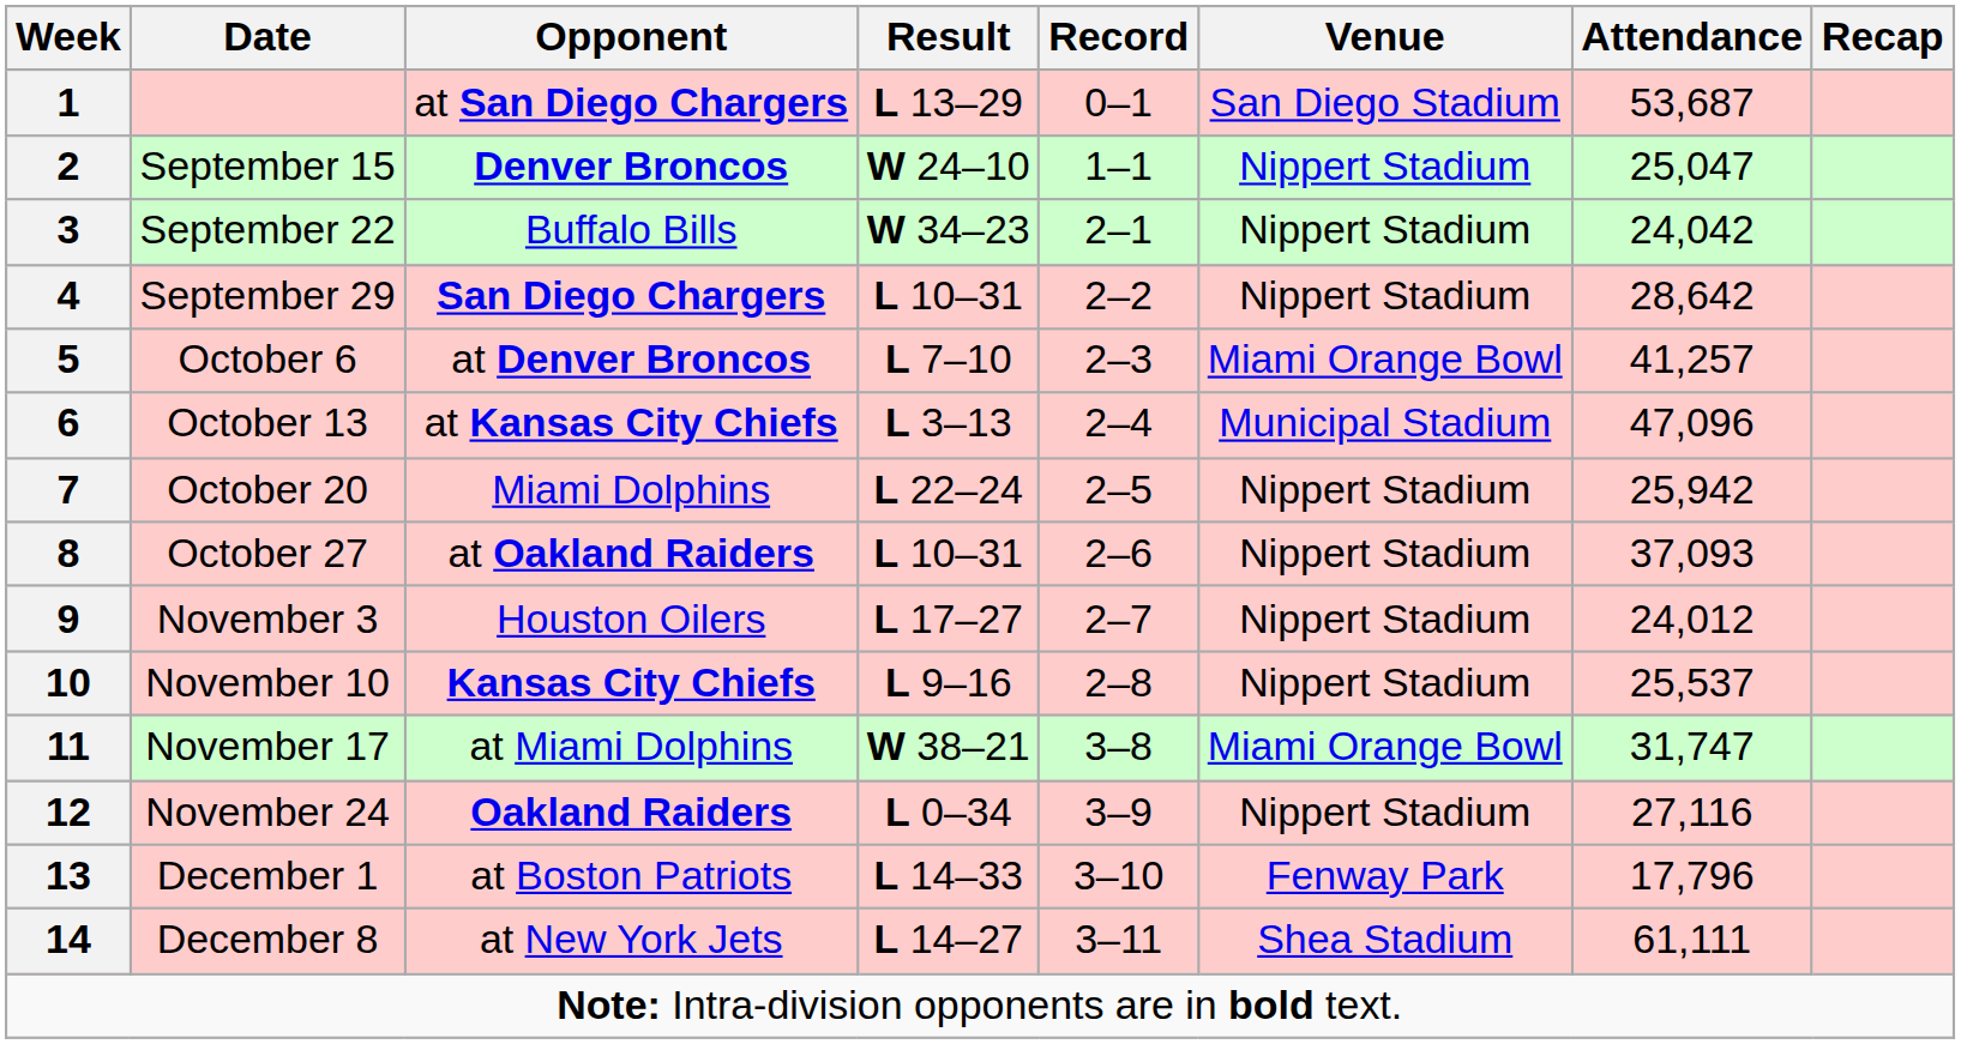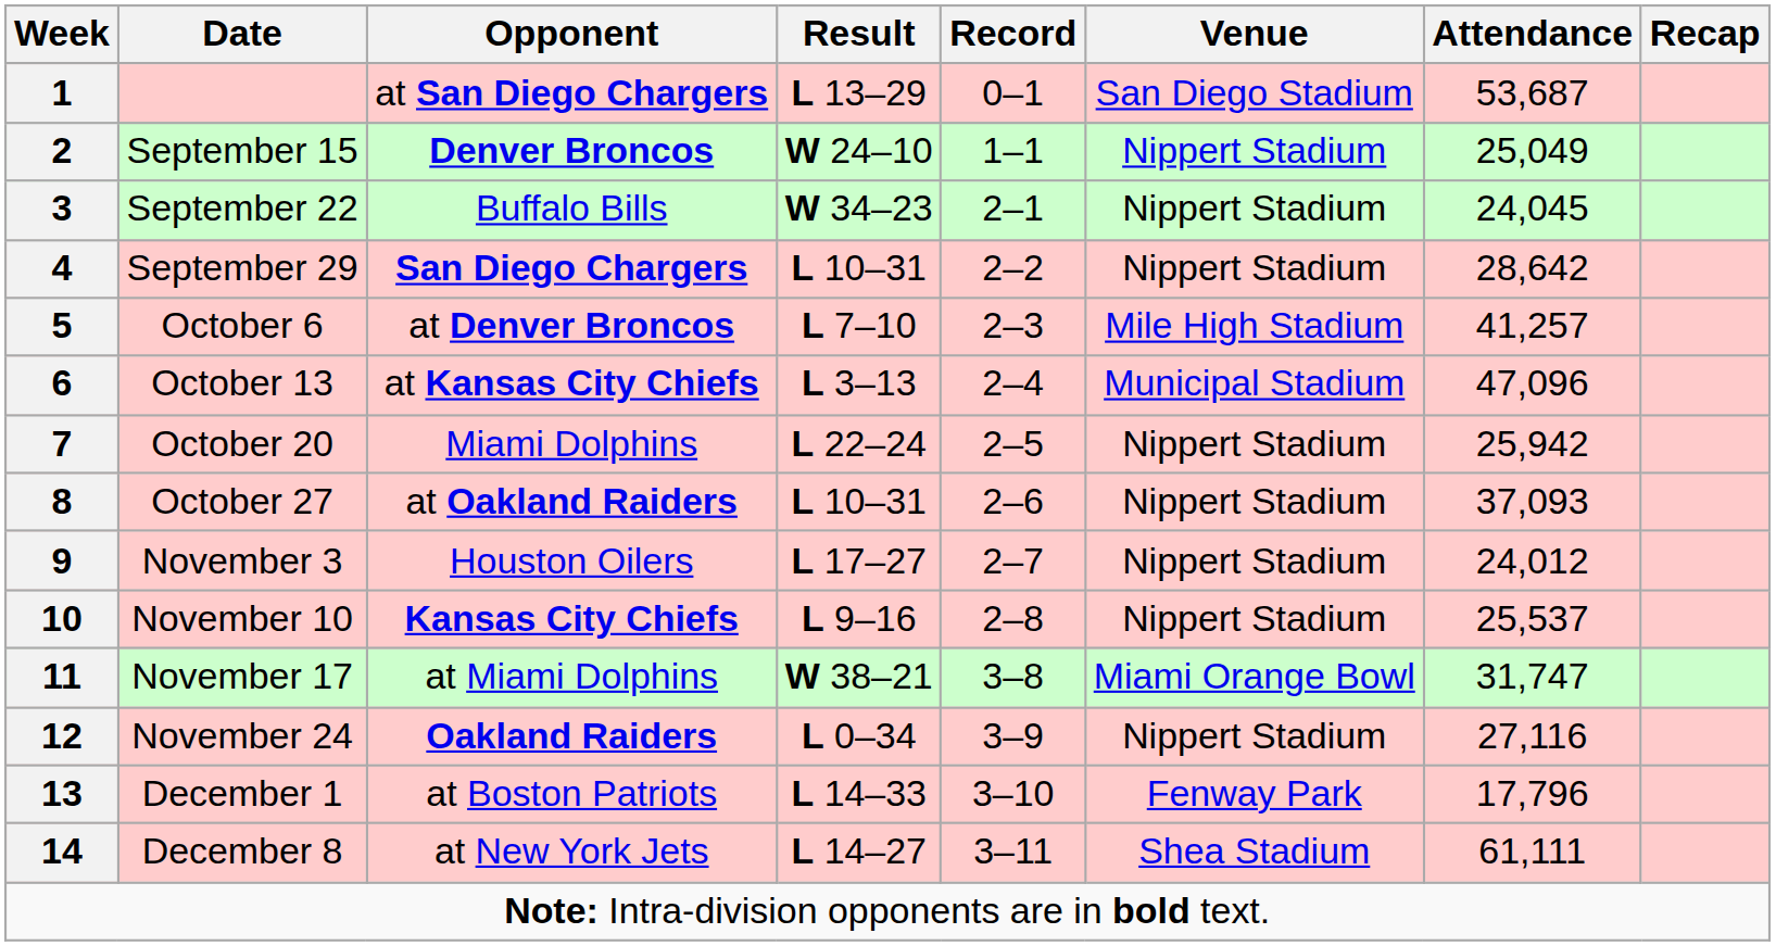 <table class="wikitable" style="text-align:center">
 <tr>
 <th>Week</th>
 <th>Date</th>
 <th>Opponent</th>
 <th>Result</th>
 <th>Record</th>
 <th>Venue</th>
 <th>Attendance</th>
 <th>Recap</th>
 </tr>
 <tr style="background:#fcc">
 <th>1</th>
 <td></td>
 <td>at <strong><a href='#'>San Diego Chargers</a></strong></td>
 <td><strong>L</strong> 13–29</td>
 <td>0–1</td>
 <td><a href='#'>San Diego Stadium</a></td>
 <td>53,687</td>
 <td></td>
 </tr>
 <tr style="background:#cfc">
 <th>2</th>
 <td>September 15</td>
 <td><strong><a href='#'>Denver Broncos</a></strong></td>
 <td><strong>W</strong> 24–10</td>
 <td>1–1</td>
 <td><a href='#'>Nippert Stadium</a></td>
-<td>25,047</td>
+<td>25,049</td>
 <td></td>
 </tr>
 <tr style="background:#cfc">
 <th>3</th>
 <td>September 22</td>
 <td><a href='#'>Buffalo Bills</a></td>
 <td><strong>W</strong> 34–23</td>
 <td>2–1</td>
 <td>Nippert Stadium</td>
-<td>24,042</td>
+<td>24,045</td>
 <td></td>
 </tr>
 <tr style="background:#fcc">
 <th>4</th>
 <td>September 29</td>
 <td><strong><a href='#'>San Diego Chargers</a></strong></td>
 <td><strong>L</strong> 10–31</td>
 <td>2–2</td>
 <td>Nippert Stadium</td>
 <td>28,642</td>
 <td></td>
 </tr>
 <tr style="background:#fcc">
 <th>5</th>
 <td>October 6</td>
 <td>at <strong><a href='#'>Denver Broncos</a></strong></td>
 <td><strong>L</strong> 7–10</td>
 <td>2–3</td>
-<td><a href='#'>Miami Orange Bowl</a></td>
+<td><a href='#'>Mile High Stadium</a></td>
 <td>41,257</td>
 <td></td>
 </tr>
 <tr style="background:#fcc">
 <th>6</th>
 <td>October 13</td>
 <td>at <strong><a href='#'>Kansas City Chiefs</a></strong></td>
 <td><strong>L</strong> 3–13</td>
 <td>2–4</td>
 <td><a href='#'>Municipal Stadium</a></td>
 <td>47,096</td>
 <td></td>
 </tr>
 <tr style="background:#fcc">
 <th>7</th>
 <td>October 20</td>
 <td><a href='#'>Miami Dolphins</a></td>
 <td><strong>L</strong> 22–24</td>
 <td>2–5</td>
 <td>Nippert Stadium</td>
 <td>25,942</td>
 <td></td>
 </tr>
 <tr style="background:#fcc">
 <th>8</th>
 <td>October 27</td>
 <td>at <strong><a href='#'>Oakland Raiders</a></strong></td>
 <td><strong>L</strong> 10–31</td>
 <td>2–6</td>
 <td>Nippert Stadium</td>
 <td>37,093</td>
 <td></td>
 </tr>
 <tr style="background:#fcc">
 <th>9</th>
 <td>November 3</td>
 <td><a href='#'>Houston Oilers</a></td>
 <td><strong>L</strong> 17–27</td>
 <td>2–7</td>
 <td>Nippert Stadium</td>
 <td>24,012</td>
 <td></td>
 </tr>
 <tr style="background:#fcc">
 <th>10</th>
 <td>November 10</td>
 <td><strong><a href='#'>Kansas City Chiefs</a></strong></td>
 <td><strong>L</strong> 9–16</td>
 <td>2–8</td>
 <td>Nippert Stadium</td>
 <td>25,537</td>
 <td></td>
 </tr>
 <tr style="background:#cfc">
 <th>11</th>
 <td>November 17</td>
 <td>at <a href='#'>Miami Dolphins</a></td>
 <td><strong>W</strong> 38–21</td>
 <td>3–8</td>
 <td><a href='#'>Miami Orange Bowl</a></td>
 <td>31,747</td>
 <td></td>
 </tr>
 <tr style="background:#fcc">
 <th>12</th>
 <td>November 24</td>
 <td><strong><a href='#'>Oakland Raiders</a></strong></td>
 <td><strong>L</strong> 0–34</td>
 <td>3–9</td>
 <td>Nippert Stadium</td>
 <td>27,116</td>
 <td></td>
 </tr>
 <tr style="background:#fcc">
 <th>13</th>
 <td>December 1</td>
 <td>at <a href='#'>Boston Patriots</a></td>
 <td><strong>L</strong> 14–33</td>
 <td>3–10</td>
 <td><a href='#'>Fenway Park</a></td>
 <td>17,796</td>
 <td></td>
 </tr>
 <tr style="background:#fcc">
 <th>14</th>
 <td>December 8</td>
 <td>at <a href='#'>New York Jets</a></td>
 <td><strong>L</strong> 14–27</td>
 <td>3–11</td>
 <td><a href='#'>Shea Stadium</a></td>
 <td>61,111</td>
 <td></td>
 </tr>
 <tr>
 <td colspan="8"><strong>Note:</strong> Intra-division opponents are in <strong>bold</strong> text.</td>
 </tr>
 </table>
